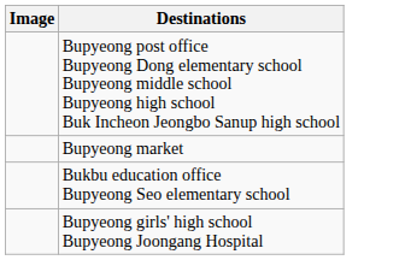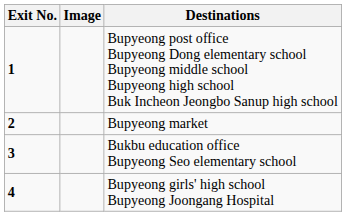 <table class="wikitable">
 <tr>
+<th>Exit No.</th>
 <th>Image</th>
 <th>Destinations</th>
 </tr>
 <tr>
+<td><strong>1</strong></td>
 <td></td>
 <td>Bupyeong post office<br>Bupyeong Dong elementary school<br>Bupyeong middle school<br>Bupyeong high school<br>Buk Incheon Jeongbo Sanup high school</td>
 </tr>
 <tr>
+<td><strong>2</strong></td>
 <td></td>
 <td>Bupyeong market</td>
 </tr>
 <tr>
+<td><strong>3</strong></td>
 <td></td>
 <td>Bukbu education office<br>Bupyeong Seo elementary school</td>
 </tr>
 <tr>
+<td><strong>4</strong></td>
 <td></td>
 <td>Bupyeong girls' high school<br>Bupyeong Joongang Hospital</td>
 </tr>
 </table>
